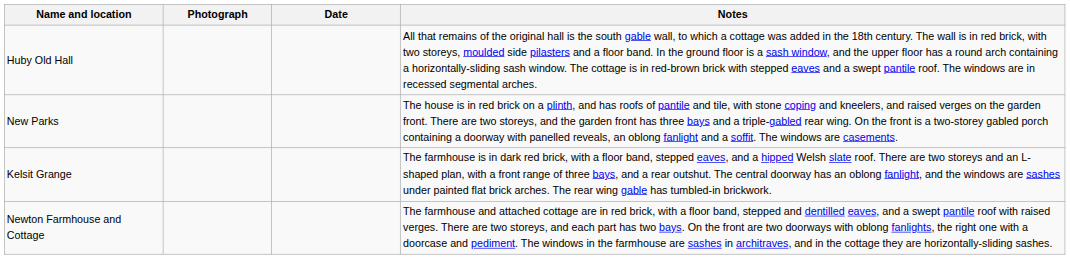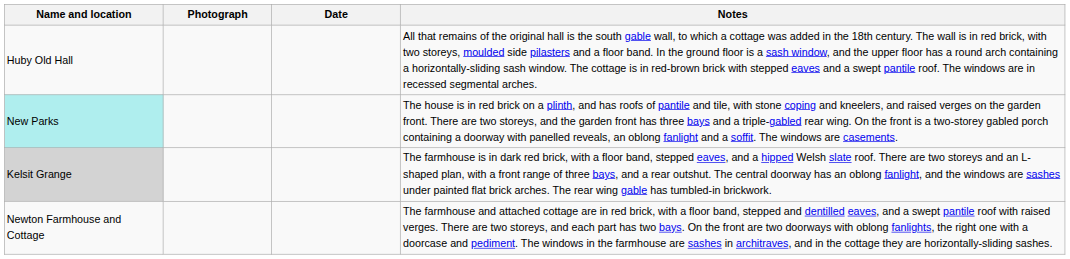 <table class="wikitable sortable plainrowheaders" style="width:100%;border:0px;text-align:left;line-height:150%;">
 <tr>
 <th scope="col"  style="width:150px">Name and location</th>
 <th scope="col"  style="width:100px" class="unsortable">Photograph</th>
 <th scope="col"  style="width:120px">Date</th>
 <th scope="col"  style="width:650px" class="unsortable">Notes</th>
 </tr>
 <tr>
 <td>Huby Old Hall<br><small></small></td>
 <td></td>
 <td align="center"></td>
 <td>All that remains of the original hall is the south <a href='#'>gable</a> wall, to which a cottage was added in the 18th century. The wall is in red brick, with two storeys, <a href='#'>moulded</a> side <a href='#'>pilasters</a> and a floor band. In the ground floor is a <a href='#'>sash window</a>, and the upper floor has a round arch containing a horizontally-sliding sash window. The cottage is in red-brown brick with stepped <a href='#'>eaves</a> and a swept <a href='#'>pantile</a> roof. The windows are in recessed segmental arches.</td>
 </tr>
 <tr>
-<td>New Parks<br><small></small></td>
+<td style="background: paleturquoise;">New Parks<br><small></small></td>
 <td></td>
 <td align="center"></td>
 <td>The house is in red brick on a <a href='#'>plinth</a>, and has roofs of <a href='#'>pantile</a> and tile, with stone <a href='#'>coping</a> and kneelers, and raised verges on the garden front. There are two storeys, and the garden front has three <a href='#'>bays</a> and a triple-<a href='#'>gabled</a> rear wing. On the front is a two-storey gabled porch containing a doorway with panelled reveals, an oblong <a href='#'>fanlight</a> and a <a href='#'>soffit</a>. The windows are <a href='#'>casements</a>.</td>
 </tr>
 <tr>
-<td>Kelsit Grange<br><small></small></td>
+<td style="background: lightgrey;">Kelsit Grange<br><small></small></td>
 <td></td>
 <td align="center"></td>
 <td>The farmhouse is in dark red brick, with a floor band, stepped <a href='#'>eaves</a>, and a <a href='#'>hipped</a> Welsh <a href='#'>slate</a> roof. There are two storeys and an L-shaped plan, with a front range of three <a href='#'>bays</a>, and a rear outshut. The central doorway has an oblong <a href='#'>fanlight</a>, and the windows are <a href='#'>sashes</a> under painted flat brick arches. The rear wing <a href='#'>gable</a> has tumbled-in brickwork.</td>
 </tr>
 <tr>
 <td>Newton Farmhouse and Cottage<br><small></small></td>
 <td></td>
 <td align="center"></td>
 <td>The farmhouse and attached cottage are in red brick, with a floor band, stepped and <a href='#'>dentilled</a> <a href='#'>eaves</a>, and a swept <a href='#'>pantile</a> roof with raised verges. There are two storeys, and each part has two <a href='#'>bays</a>. On the front are two doorways with oblong <a href='#'>fanlights</a>, the right one with a doorcase and <a href='#'>pediment</a>. The windows in the farmhouse are <a href='#'>sashes</a> in <a href='#'>architraves</a>, and in the cottage they are horizontally-sliding sashes.</td>
 </tr>
 <tr>
 </tr>
 </table>
